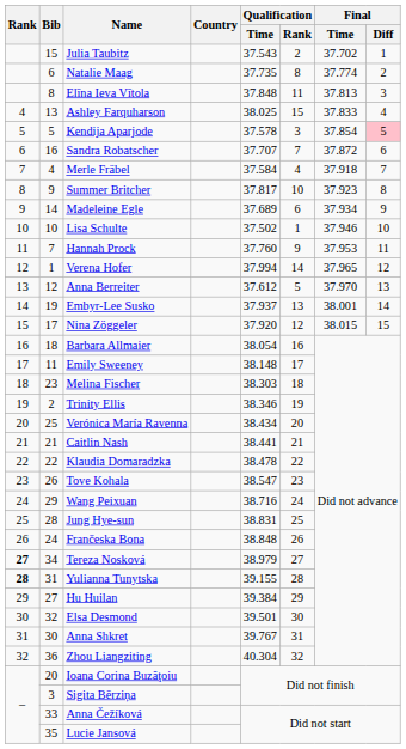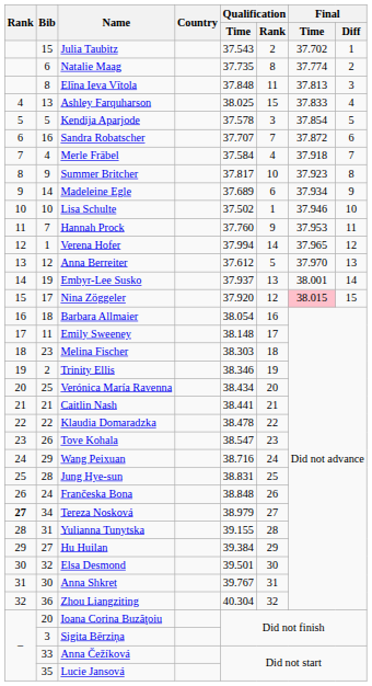 <table class="wikitable sortable" style="text-align:center">
 <tr>
 <th rowspan=2>Rank</th>
 <th rowspan=2>Bib</th>
 <th rowspan=2>Name</th>
 <th rowspan=2>Country</th>
 <th colspan=2>Qualification</th>
 <th colspan=2>Final</th>
 </tr>
 <tr>
 <th>Time</th>
 <th>Rank</th>
 <th>Time</th>
 <th>Diff</th>
 </tr>
 <tr>
 <td></td>
 <td>15</td>
 <td align=left><a href='#'>Julia Taubitz</a></td>
 <td align=left></td>
 <td>37.543</td>
 <td>2</td>
 <td>37.702</td>
 <td>1</td>
 </tr>
 <tr>
 <td></td>
 <td>6</td>
 <td align=left><a href='#'>Natalie Maag</a></td>
 <td align=left></td>
 <td>37.735</td>
 <td>8</td>
 <td>37.774</td>
 <td>2</td>
 </tr>
 <tr>
 <td></td>
 <td>8</td>
 <td align=left><a href='#'>Elīna Ieva Vītola</a></td>
 <td align=left></td>
 <td>37.848</td>
 <td>11</td>
 <td>37.813</td>
 <td>3</td>
 </tr>
 <tr>
 <td>4</td>
 <td>13</td>
 <td align=left><a href='#'>Ashley Farquharson</a></td>
 <td align=left></td>
 <td>38.025</td>
 <td>15</td>
 <td>37.833</td>
 <td>4</td>
 </tr>
 <tr>
 <td>5</td>
 <td>5</td>
 <td align=left><a href='#'>Kendija Aparjode</a></td>
 <td align=left></td>
 <td>37.578</td>
 <td>3</td>
 <td>37.854</td>
-<td style="background: pink;">5</td>
+<td>5</td>
 </tr>
 <tr>
 <td>6</td>
 <td>16</td>
 <td align=left><a href='#'>Sandra Robatscher</a></td>
 <td align=left></td>
 <td>37.707</td>
 <td>7</td>
 <td>37.872</td>
 <td>6</td>
 </tr>
 <tr>
 <td>7</td>
 <td>4</td>
 <td align=left><a href='#'>Merle Fräbel</a></td>
 <td align=left></td>
 <td>37.584</td>
 <td>4</td>
 <td>37.918</td>
 <td>7</td>
 </tr>
 <tr>
 <td>8</td>
 <td>9</td>
 <td align=left><a href='#'>Summer Britcher</a></td>
 <td align=left></td>
 <td>37.817</td>
 <td>10</td>
 <td>37.923</td>
 <td>8</td>
 </tr>
 <tr>
 <td>9</td>
 <td>14</td>
 <td align=left><a href='#'>Madeleine Egle</a></td>
 <td align=left></td>
 <td>37.689</td>
 <td>6</td>
 <td>37.934</td>
 <td>9</td>
 </tr>
 <tr>
 <td>10</td>
 <td>10</td>
 <td align=left><a href='#'>Lisa Schulte</a></td>
 <td align=left></td>
 <td>37.502</td>
 <td>1</td>
 <td>37.946</td>
 <td>10</td>
 </tr>
 <tr>
 <td>11</td>
 <td>7</td>
 <td align=left><a href='#'>Hannah Prock</a></td>
 <td align=left></td>
 <td>37.760</td>
 <td>9</td>
 <td>37.953</td>
 <td>11</td>
 </tr>
 <tr>
 <td>12</td>
 <td>1</td>
 <td align=left><a href='#'>Verena Hofer</a></td>
 <td align=left></td>
 <td>37.994</td>
 <td>14</td>
 <td>37.965</td>
 <td>12</td>
 </tr>
 <tr>
 <td>13</td>
 <td>12</td>
 <td align=left><a href='#'>Anna Berreiter</a></td>
 <td align=left></td>
 <td>37.612</td>
 <td>5</td>
 <td>37.970</td>
 <td>13</td>
 </tr>
 <tr>
 <td>14</td>
 <td>19</td>
 <td align=left><a href='#'>Embyr-Lee Susko</a></td>
 <td align=left></td>
 <td>37.937</td>
 <td>13</td>
 <td>38.001</td>
 <td>14</td>
 </tr>
 <tr>
 <td>15</td>
 <td>17</td>
 <td align=left><a href='#'>Nina Zöggeler</a></td>
 <td align=left></td>
 <td>37.920</td>
 <td>12</td>
-<td>38.015</td>
+<td style="background: pink;">38.015</td>
 <td>15</td>
 </tr>
 <tr>
 <td>16</td>
 <td>18</td>
 <td align=left><a href='#'>Barbara Allmaier</a></td>
 <td align=left></td>
 <td>38.054</td>
 <td>16</td>
 <td rowspan=17 colspan=2>Did not advance</td>
 </tr>
 <tr>
 <td>17</td>
 <td>11</td>
 <td align=left><a href='#'>Emily Sweeney</a></td>
 <td align=left></td>
 <td>38.148</td>
 <td>17</td>
 </tr>
 <tr>
 <td>18</td>
 <td>23</td>
 <td align=left><a href='#'>Melina Fischer</a></td>
 <td align=left></td>
 <td>38.303</td>
 <td>18</td>
 </tr>
 <tr>
 <td>19</td>
 <td>2</td>
 <td align=left><a href='#'>Trinity Ellis</a></td>
 <td align=left></td>
 <td>38.346</td>
 <td>19</td>
 </tr>
 <tr>
 <td>20</td>
 <td>25</td>
 <td align=left><a href='#'>Verónica María Ravenna</a></td>
 <td align=left></td>
 <td>38.434</td>
 <td>20</td>
 </tr>
 <tr>
 <td>21</td>
 <td>21</td>
 <td align=left><a href='#'>Caitlin Nash</a></td>
 <td align=left></td>
 <td>38.441</td>
 <td>21</td>
 </tr>
 <tr>
 <td>22</td>
 <td>22</td>
 <td align=left><a href='#'>Klaudia Domaradzka</a></td>
 <td align=left></td>
 <td>38.478</td>
 <td>22</td>
 </tr>
 <tr>
 <td>23</td>
 <td>26</td>
 <td align=left><a href='#'>Tove Kohala</a></td>
 <td align=left></td>
 <td>38.547</td>
 <td>23</td>
 </tr>
 <tr>
 <td>24</td>
 <td>29</td>
 <td align=left><a href='#'>Wang Peixuan</a></td>
 <td align=left></td>
 <td>38.716</td>
 <td>24</td>
 </tr>
 <tr>
 <td>25</td>
 <td>28</td>
 <td align=left><a href='#'>Jung Hye-sun</a></td>
 <td align=left></td>
 <td>38.831</td>
 <td>25</td>
 </tr>
 <tr>
 <td>26</td>
 <td>24</td>
 <td align=left><a href='#'>Frančeska Bona</a></td>
 <td align=left></td>
 <td>38.848</td>
 <td>26</td>
 </tr>
 <tr>
 <td><strong>27</strong></td>
 <td>34</td>
 <td align=left><a href='#'>Tereza Nosková</a></td>
 <td align=left></td>
 <td>38.979</td>
 <td>27</td>
 </tr>
 <tr>
-<td><strong>28</strong></td>
+<td>28</td>
 <td>31</td>
 <td align=left><a href='#'>Yulianna Tunytska</a></td>
 <td align=left></td>
 <td>39.155</td>
 <td>28</td>
 </tr>
 <tr>
 <td>29</td>
 <td>27</td>
 <td align=left><a href='#'>Hu Huilan</a></td>
 <td align=left></td>
 <td>39.384</td>
 <td>29</td>
 </tr>
 <tr>
 <td>30</td>
 <td>32</td>
 <td align=left><a href='#'>Elsa Desmond</a></td>
 <td align=left></td>
 <td>39.501</td>
 <td>30</td>
 </tr>
 <tr>
 <td>31</td>
 <td>30</td>
 <td align=left><a href='#'>Anna Shkret</a></td>
 <td align=left></td>
 <td>39.767</td>
 <td>31</td>
 </tr>
 <tr>
 <td>32</td>
 <td>36</td>
 <td align=left><a href='#'>Zhou Liangziting</a></td>
 <td align=left></td>
 <td>40.304</td>
 <td>32</td>
 </tr>
 <tr>
 <td rowspan=4>–</td>
 <td>20</td>
 <td align=left><a href='#'>Ioana Corina Buzăţoiu</a></td>
 <td align=left></td>
 <td rowspan=2 colspan=4>Did not finish</td>
 </tr>
 <tr>
 <td>3</td>
 <td align=left><a href='#'>Sigita Bērziņa</a></td>
 <td align=left></td>
 </tr>
 <tr>
 <td>33</td>
 <td align=left><a href='#'>Anna Čežíková</a></td>
 <td align=left></td>
 <td rowspan=2 colspan=4>Did not start</td>
 </tr>
 <tr>
 <td>35</td>
 <td align=left><a href='#'>Lucie Jansová</a></td>
 <td align=left></td>
 </tr>
 </table>
